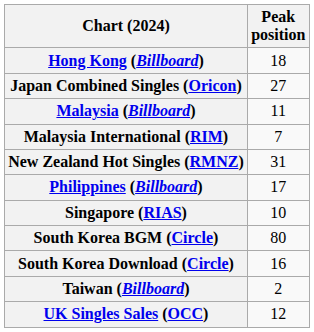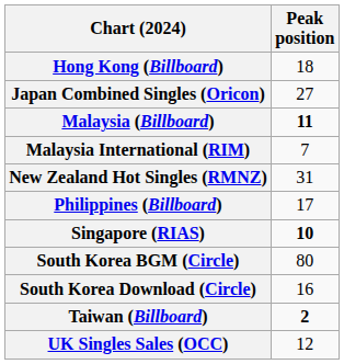 <table class="wikitable sortable plainrowheaders" style="text-align:center">
 <tr>
 <th scope="col">Chart (2024)</th>
 <th scope="col">Peak<br>position</th>
 </tr>
 <tr>
 </tr>
 <tr>
 </tr>
 <tr>
 <th scope="row"><a href='#'>Hong Kong</a> (<em><a href='#'>Billboard</a></em>)</th>
 <td>18</td>
 </tr>
 <tr>
 </tr>
 <tr>
 <th scope="row">Japan Combined Singles (<a href='#'>Oricon</a>)</th>
 <td>27</td>
 </tr>
 <tr>
 <th scope="row"><a href='#'>Malaysia</a> (<em><a href='#'>Billboard</a></em>)</th>
-<td>11</td>
+<td><strong>11</strong></td>
 </tr>
 <tr>
 <th scope="row">Malaysia International (<a href='#'>RIM</a>)</th>
 <td>7</td>
 </tr>
 <tr>
 <th scope="row">New Zealand Hot Singles (<a href='#'>RMNZ</a>)</th>
 <td>31</td>
 </tr>
 <tr>
 <th scope="row"><a href='#'>Philippines</a> (<em><a href='#'>Billboard</a></em>)</th>
 <td>17</td>
 </tr>
 <tr>
 <th scope="row">Singapore (<a href='#'>RIAS</a>)</th>
-<td>10</td>
+<td><strong>10</strong></td>
 </tr>
 <tr>
 <th scope="row">South Korea BGM (<a href='#'>Circle</a>)</th>
 <td>80</td>
 </tr>
 <tr>
 <th scope="row">South Korea Download (<a href='#'>Circle</a>)</th>
 <td>16</td>
 </tr>
 <tr>
 <th scope="row">Taiwan (<em><a href='#'>Billboard</a></em>)</th>
-<td>2</td>
+<td><strong>2</strong></td>
 </tr>
 <tr>
 </tr>
 <tr>
 <th scope="row"><a href='#'>UK Singles Sales</a> (<a href='#'>OCC</a>)</th>
 <td>12</td>
 </tr>
 <tr>
 </tr>
 </table>
